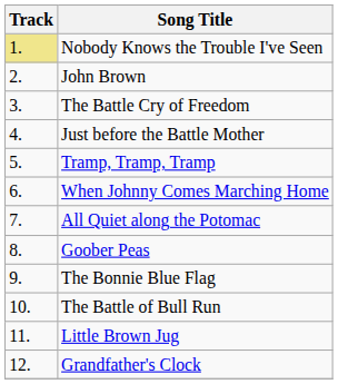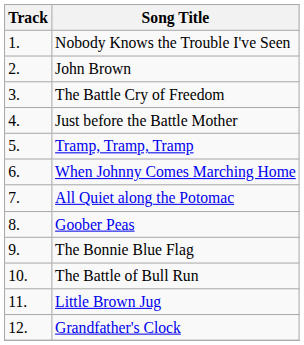 <table class="wikitable" style="font-size:95%;">
 <tr>
 <th>Track</th>
 <th>Song Title</th>
 </tr>
 <tr>
-<td style="background: khaki;">1.</td>
+<td>1.</td>
 <td>Nobody Knows the Trouble I've Seen</td>
 </tr>
 <tr>
 <td>2.</td>
 <td>John Brown</td>
 </tr>
 <tr>
 <td>3.</td>
 <td>The Battle Cry of Freedom</td>
 </tr>
 <tr>
 <td>4.</td>
 <td>Just before the Battle Mother</td>
 </tr>
 <tr>
 <td>5.</td>
 <td><a href='#'>Tramp, Tramp, Tramp</a></td>
 </tr>
 <tr>
 <td>6.</td>
 <td><a href='#'>When Johnny Comes Marching Home</a></td>
 </tr>
 <tr>
 <td>7.</td>
 <td><a href='#'>All Quiet along the Potomac</a></td>
 </tr>
 <tr>
 <td>8.</td>
 <td><a href='#'>Goober Peas</a></td>
 </tr>
 <tr>
 <td>9.</td>
 <td>The Bonnie Blue Flag</td>
 </tr>
 <tr>
 <td>10.</td>
 <td>The Battle of Bull Run</td>
 </tr>
 <tr>
 <td>11.</td>
 <td><a href='#'>Little Brown Jug</a></td>
 </tr>
 <tr>
 <td>12.</td>
 <td><a href='#'>Grandfather's Clock</a></td>
 </tr>
 <tr>
 </tr>
 </table>
